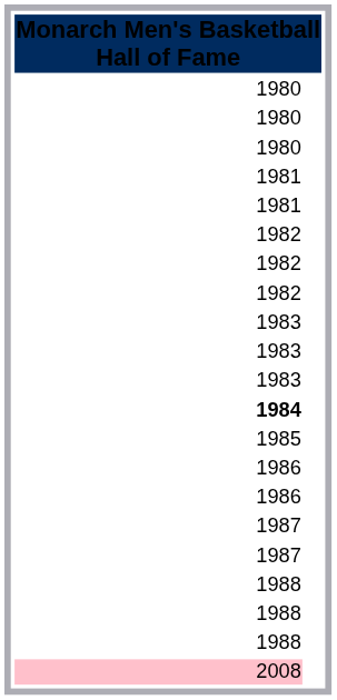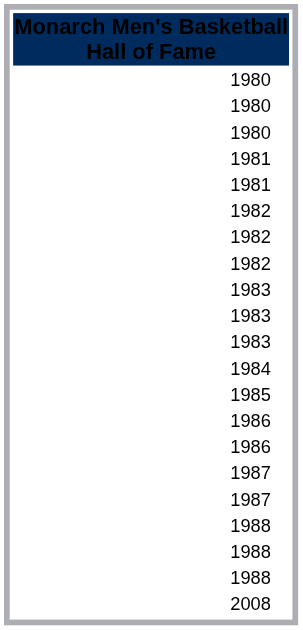 <table style="border:5px solid #ADADB4;" cellspacing=3>
 <tr style="text-align:center; background:#002b5f;">
 <td colspan=8><big><span><strong>Monarch Men's Basketball</strong><br><strong>Hall of Fame</strong></span></big></td>
 </tr>
 <tr>
 <td style="text-align:right;">1980</td>
 <td></td>
 </tr>
 <tr>
 <td style="text-align:right;">1980</td>
 <td></td>
 </tr>
 <tr>
 <td style="text-align:right;">1980</td>
 <td></td>
 </tr>
 <tr>
 <td style="text-align:right;">1981</td>
 <td></td>
 </tr>
 <tr>
 <td style="text-align:right;">1981</td>
 <td></td>
 </tr>
 <tr>
 <td style="text-align:right;">1982</td>
 <td></td>
 </tr>
 <tr>
 <td style="text-align:right;">1982</td>
 <td></td>
 </tr>
 <tr>
 <td style="text-align:right;">1982</td>
 <td></td>
 </tr>
 <tr>
 <td style="text-align:right;">1983</td>
 <td></td>
 </tr>
 <tr>
 <td style="text-align:right;">1983</td>
 <td></td>
 </tr>
 <tr>
 <td style="text-align:right;">1983</td>
 <td></td>
 </tr>
 <tr>
-<td style="text-align:right;"><strong>1984</strong></td>
+<td style="text-align:right;">1984</td>
 <td></td>
 </tr>
 <tr>
 <td style="text-align:right;">1985</td>
 <td></td>
 </tr>
 <tr>
 <td style="text-align:right;">1986</td>
 <td></td>
 </tr>
 <tr>
 <td style="text-align:right;">1986</td>
 <td></td>
 </tr>
 <tr>
 <td style="text-align:right;">1987</td>
 <td></td>
 </tr>
 <tr>
 <td style="text-align:right;">1987</td>
 <td></td>
 </tr>
 <tr>
 <td style="text-align:right;">1988</td>
 <td></td>
 </tr>
 <tr>
 <td style="text-align:right;">1988</td>
 <td></td>
 </tr>
 <tr>
 <td style="text-align:right;">1988</td>
 <td></td>
 </tr>
 <tr>
-<td style="background: pink; text-align:right;">2008</td>
+<td style="text-align:right;">2008</td>
 <td></td>
 </tr>
 </table>
